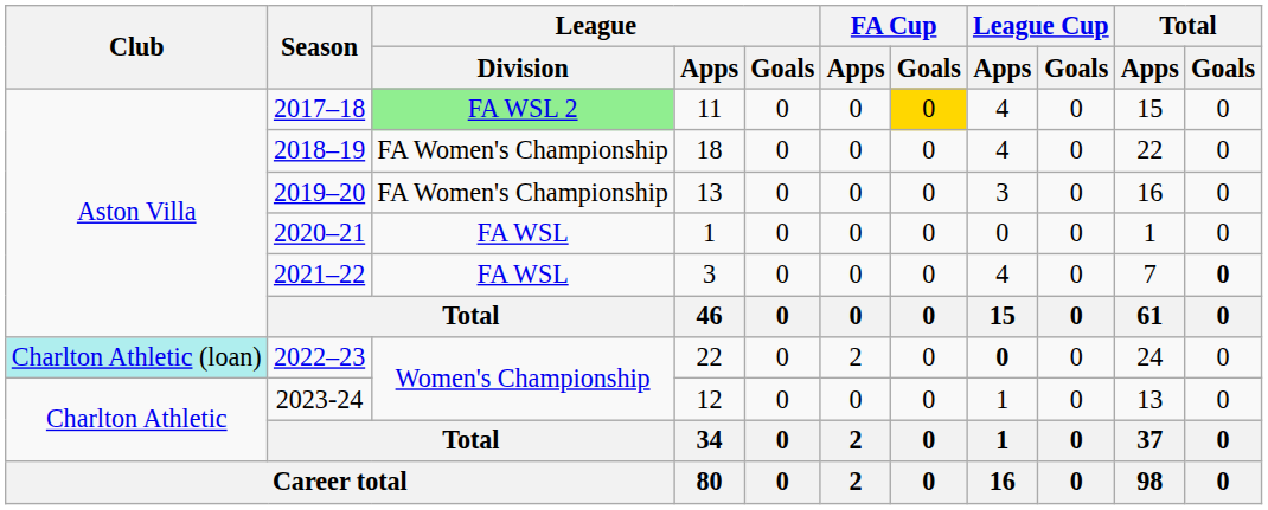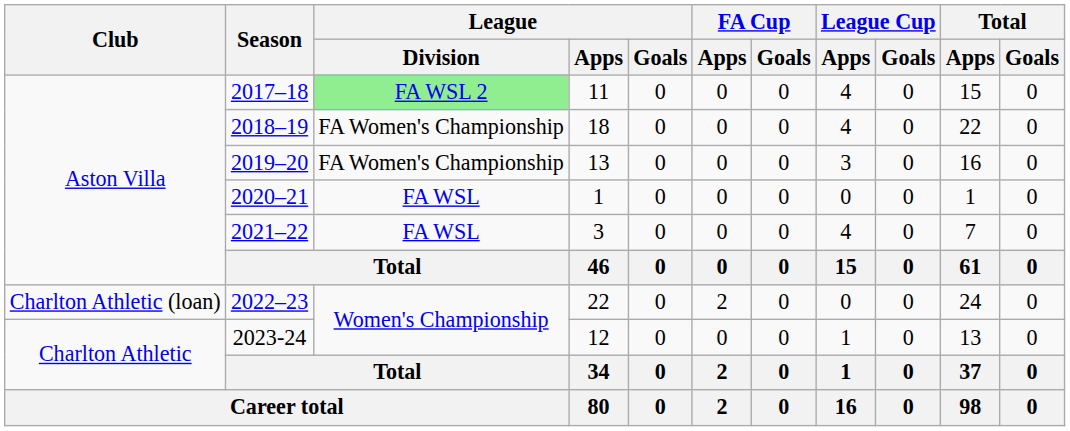 <table class="wikitable" style="text-align:center">
 <tr>
 <th rowspan="2">Club</th>
 <th rowspan="2">Season</th>
 <th colspan="3">League</th>
 <th colspan="2"><a href='#'>FA Cup</a></th>
 <th colspan="2"><a href='#'>League Cup</a></th>
 <th colspan="2">Total</th>
 </tr>
 <tr>
 <th>Division</th>
 <th>Apps</th>
 <th>Goals</th>
 <th>Apps</th>
 <th>Goals</th>
 <th>Apps</th>
 <th>Goals</th>
 <th>Apps</th>
 <th>Goals</th>
 </tr>
 <tr>
 <td rowspan="6"><a href='#'>Aston Villa</a></td>
 <td><a href='#'>2017–18</a></td>
 <td style="background: lightgreen;"><a href='#'>FA WSL 2</a></td>
 <td>11</td>
 <td>0</td>
 <td>0</td>
-<td style="background: gold;">0</td>
+<td>0</td>
 <td>4</td>
 <td>0</td>
 <td>15</td>
 <td>0</td>
 </tr>
 <tr>
 <td><a href='#'>2018–19</a></td>
 <td>FA Women's Championship</td>
 <td>18</td>
 <td>0</td>
 <td>0</td>
 <td>0</td>
 <td>4</td>
 <td>0</td>
 <td>22</td>
 <td>0</td>
 </tr>
 <tr>
 <td><a href='#'>2019–20</a></td>
 <td>FA Women's Championship</td>
 <td>13</td>
 <td>0</td>
 <td>0</td>
 <td>0</td>
 <td>3</td>
 <td>0</td>
 <td>16</td>
 <td>0</td>
 </tr>
 <tr>
 <td><a href='#'>2020–21</a></td>
 <td><a href='#'>FA WSL</a></td>
 <td>1</td>
 <td>0</td>
 <td>0</td>
 <td>0</td>
 <td>0</td>
 <td>0</td>
 <td>1</td>
 <td>0</td>
 </tr>
 <tr>
 <td><a href='#'>2021–22</a></td>
 <td><a href='#'>FA WSL</a></td>
 <td>3</td>
 <td>0</td>
 <td>0</td>
 <td>0</td>
 <td>4</td>
 <td>0</td>
 <td>7</td>
-<td><strong>0</strong></td>
+<td>0</td>
 </tr>
 <tr>
 <th colspan="2">Total</th>
 <th>46</th>
 <th>0</th>
 <th>0</th>
 <th>0</th>
 <th>15</th>
 <th>0</th>
 <th>61</th>
 <th>0</th>
 </tr>
 <tr>
-<td style="background: paleturquoise;"><a href='#'>Charlton Athletic</a> (loan)</td>
+<td><a href='#'>Charlton Athletic</a> (loan)</td>
 <td><a href='#'>2022–23</a></td>
 <td rowspan="2"><a href='#'>Women's Championship</a></td>
 <td>22</td>
 <td>0</td>
 <td>2</td>
 <td>0</td>
-<td><strong>0</strong></td>
+<td>0</td>
 <td>0</td>
 <td>24</td>
 <td>0</td>
 </tr>
 <tr>
 <td rowspan="2"><a href='#'>Charlton Athletic</a></td>
 <td>2023-24</td>
 <td>12</td>
 <td>0</td>
 <td>0</td>
 <td>0</td>
 <td>1</td>
 <td>0</td>
 <td>13</td>
 <td>0</td>
 </tr>
 <tr>
 <th colspan="2">Total</th>
 <th>34</th>
 <th>0</th>
 <th>2</th>
 <th>0</th>
 <th>1</th>
 <th>0</th>
 <th>37</th>
 <th>0</th>
 </tr>
 <tr>
 <th colspan="3">Career total</th>
 <th>80</th>
 <th>0</th>
 <th>2</th>
 <th>0</th>
 <th>16</th>
 <th>0</th>
 <th>98</th>
 <th>0</th>
 </tr>
 </table>
